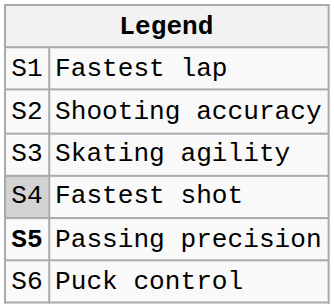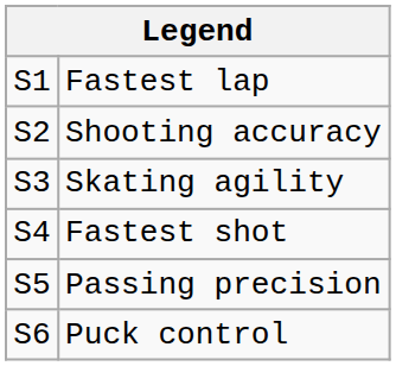 <table class="wikitable">
 <tr>
 <th colspan=2>Legend</th>
 </tr>
 <tr>
 <td>S1</td>
 <td>Fastest lap</td>
 </tr>
 <tr>
 <td>S2</td>
 <td>Shooting accuracy</td>
 </tr>
 <tr>
 <td>S3</td>
 <td>Skating agility</td>
 </tr>
 <tr>
-<td style="background: lightgrey;">S4</td>
+<td>S4</td>
 <td>Fastest shot</td>
 </tr>
 <tr>
-<td><strong>S5</strong></td>
+<td>S5</td>
 <td>Passing precision</td>
 </tr>
 <tr>
 <td>S6</td>
 <td>Puck control</td>
 </tr>
 </table>
